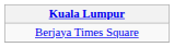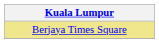 <table class="wikitable" style="text-align:center" width=225>
 <tr>
 <th> <strong><a href='#'>Kuala Lumpur</a></strong></th>
 </tr>
 <tr>
-<td><a href='#'>Berjaya Times Square</a></td>
+<td style="background: khaki;"><a href='#'>Berjaya Times Square</a></td>
 </tr>
 <tr>
 </tr>
 </table>
